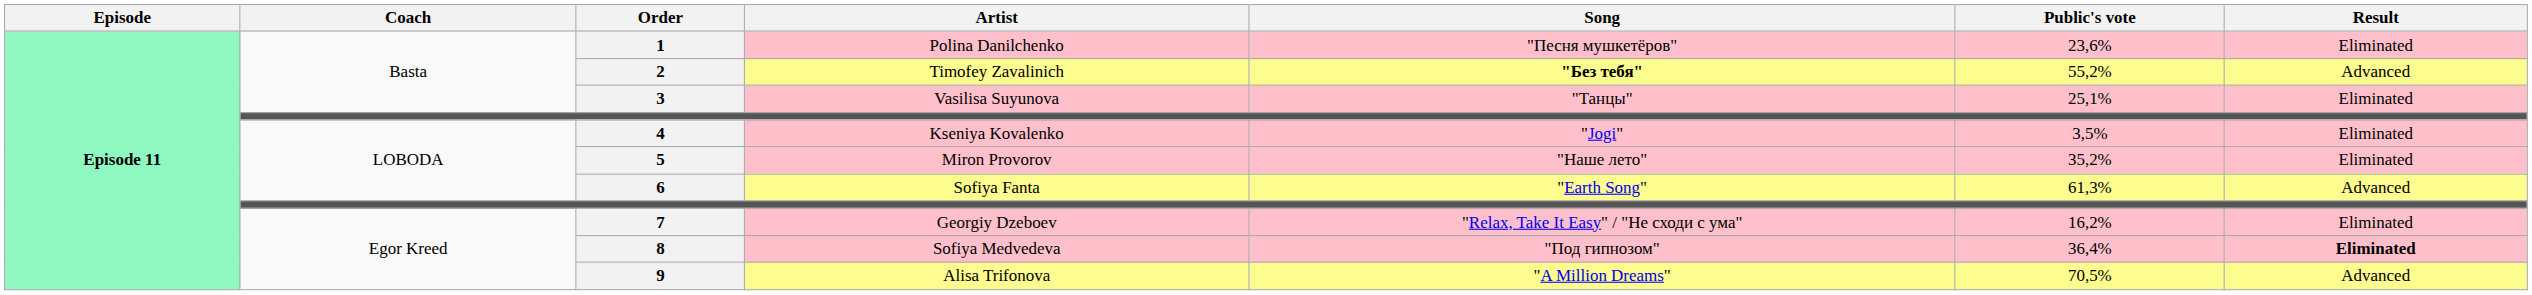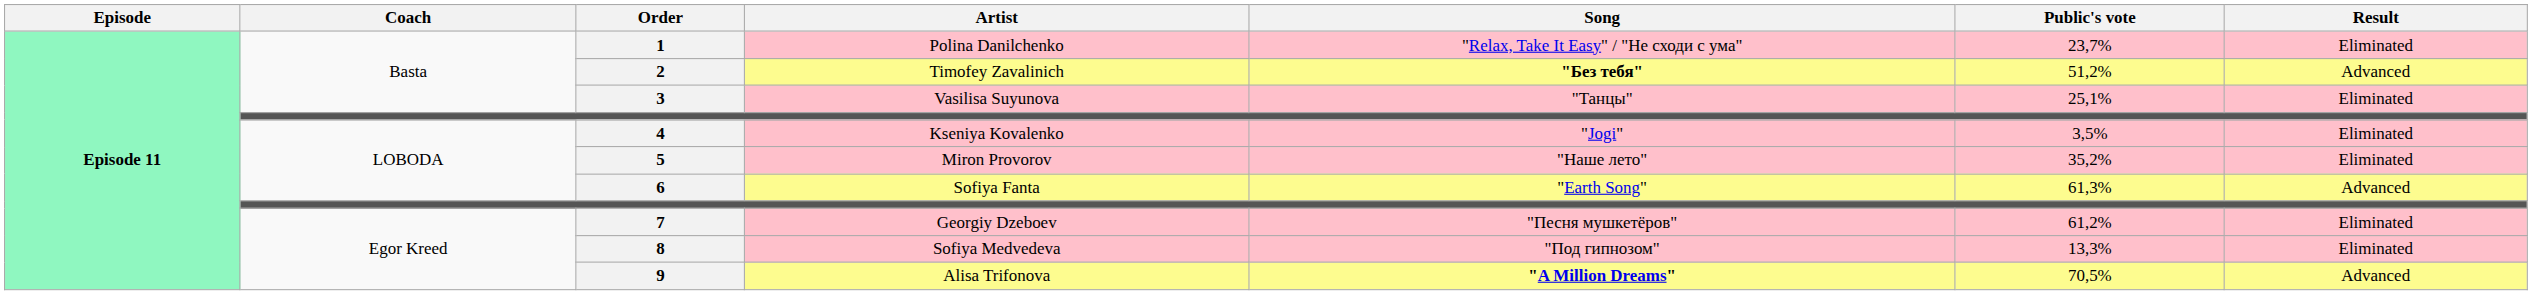 <table class="wikitable" style="text-align:center; width:120%;">
 <tr>
 <th style="width:07%;">Episode</th>
 <th style="width:10%;">Coach</th>
 <th style="width:05%;">Order</th>
 <th style="width:15%;">Artist</th>
 <th style="width:21%;">Song</th>
 <th style="width:08%;">Public's vote</th>
 <th style="width:09%;">Result</th>
 </tr>
 <tr>
 <th rowspan=11 style="background:#8ff7c0;">Episode 11 <br> </th>
 <td rowspan=3>Basta</td>
 <th>1</th>
 <td style="background:pink;">Polina Danilchenko</td>
-<td style="background:pink;">"Песня мушкетёров"</td>
-<td style="background:pink;">23,6%</td>
+<td style="background:pink;">"<a href='#'>Relax, Take It Easy</a>" / "Не сходи с ума"</td>
+<td style="background:pink;">23,7%</td>
 <td style="background:pink;">Eliminated</td>
 </tr>
 <tr>
 <th>2</th>
 <td style="background:#fdfc8f;">Timofey Zavalinich</td>
 <td style="background:#fdfc8f;"><strong>"Без тебя"</strong></td>
-<td style="background:#fdfc8f;">55,2%</td>
+<td style="background:#fdfc8f;">51,2%</td>
 <td style="background:#fdfc8f;">Advanced</td>
 </tr>
 <tr>
 <th>3</th>
 <td style="background:pink;">Vasilisa Suyunova</td>
 <td style="background:pink;">"Танцы"</td>
 <td style="background:pink;">25,1%</td>
 <td style="background:pink;">Eliminated</td>
 </tr>
 <tr>
 <td colspan=6 style="background:#555555;"></td>
 </tr>
 <tr>
 <td rowspan=3>LOBODA</td>
 <th>4</th>
 <td style="background:pink;">Kseniya Kovalenko</td>
 <td style="background:pink;">"<a href='#'>Jogi</a>"</td>
 <td style="background:pink;">3,5%</td>
 <td style="background:pink;">Eliminated</td>
 </tr>
 <tr>
 <th>5</th>
 <td style="background:pink;">Miron Provorov</td>
 <td style="background:pink;">"Наше лето"</td>
 <td style="background:pink;">35,2%</td>
 <td style="background:pink;">Eliminated</td>
 </tr>
 <tr>
 <th>6</th>
 <td style="background:#fdfc8f;">Sofiya Fanta</td>
 <td style="background:#fdfc8f;">"<a href='#'>Earth Song</a>"</td>
 <td style="background:#fdfc8f;">61,3%</td>
 <td style="background:#fdfc8f;">Advanced</td>
 </tr>
 <tr>
 <td colspan=6 style="background:#555555;"></td>
 </tr>
 <tr>
 <td rowspan=3>Egor Kreed</td>
 <th>7</th>
 <td style="background:pink;">Georgiy Dzeboev</td>
-<td style="background:pink;">"<a href='#'>Relax, Take It Easy</a>" / "Не сходи с ума"</td>
-<td style="background:pink;">16,2%</td>
+<td style="background:pink;">"Песня мушкетёров"</td>
+<td style="background:pink;">61,2%</td>
 <td style="background:pink;">Eliminated</td>
 </tr>
 <tr>
 <th>8</th>
 <td style="background:pink;">Sofiya Medvedeva</td>
 <td style="background:pink;">"Под гипнозом"</td>
-<td style="background:pink;">36,4%</td>
-<td style="background:pink;"><strong>Eliminated</strong></td>
+<td style="background:pink;">13,3%</td>
+<td style="background:pink;">Eliminated</td>
 </tr>
 <tr>
 <th>9</th>
 <td style="background:#fdfc8f;">Alisa Trifonova</td>
-<td style="background:#fdfc8f;">"<a href='#'>A Million Dreams</a>"</td>
+<td style="background:#fdfc8f;"><strong>"<a href='#'>A Million Dreams</a>"</strong></td>
 <td style="background:#fdfc8f;">70,5%</td>
 <td style="background:#fdfc8f;">Advanced</td>
 </tr>
 </table>
